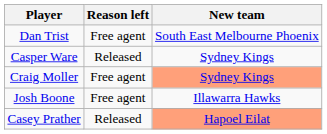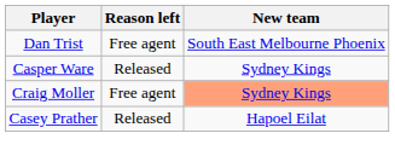 <table class="wikitable sortable sortable" style="text-align: center">
 <tr>
 <th>Player</th>
 <th>Reason left</th>
 <th>New team</th>
 </tr>
 <tr>
 <td><a href='#'>Dan Trist</a></td>
 <td>Free agent</td>
 <td><a href='#'>South East Melbourne Phoenix</a></td>
 </tr>
 <tr>
 <td><a href='#'>Casper Ware</a></td>
 <td>Released</td>
 <td><a href='#'>Sydney Kings</a></td>
 </tr>
 <tr>
 <td><a href='#'>Craig Moller</a></td>
 <td>Free agent</td>
 <td style="background: lightsalmon;"><a href='#'>Sydney Kings</a></td>
 </tr>
 <tr>
-<td><a href='#'>Josh Boone</a></td>
-<td>Free agent</td>
-<td><a href='#'>Illawarra Hawks</a></td>
-</tr>
-<tr>
 <td><a href='#'>Casey Prather</a></td>
 <td>Released</td>
-<td style="background: lightsalmon;"><a href='#'>Hapoel Eilat</a></td>
+<td><a href='#'>Hapoel Eilat</a></td>
 </tr>
 </table>
